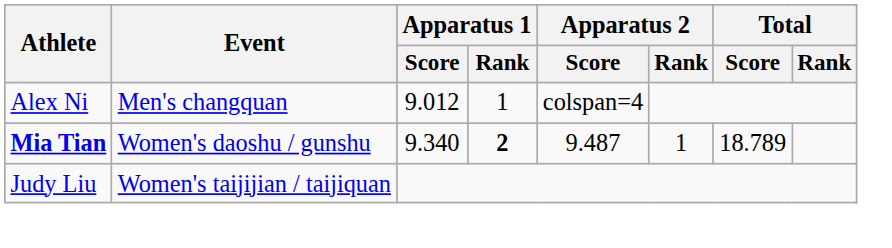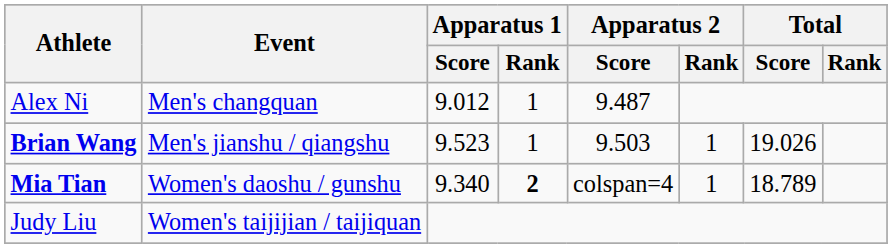 <table class=wikitable style=font-size:90%;text-align:center>
 <tr>
 <th rowspan=2>Athlete</th>
 <th rowspan=2>Event</th>
 <th colspan=2>Apparatus 1</th>
 <th colspan=2>Apparatus 2</th>
 <th colspan=2>Total</th>
 </tr>
 <tr style=font-size:95%>
 <th>Score</th>
 <th>Rank</th>
 <th>Score</th>
 <th>Rank</th>
 <th>Score</th>
 <th>Rank</th>
 </tr>
 <tr>
 <td align=left><a href='#'>Alex Ni</a></td>
 <td align=left><a href='#'>Men's changquan</a></td>
 <td>9.012</td>
 <td>1</td>
-<td>colspan=4 </td>
+<td>9.487</td>
+</tr>
+<tr>
+<td align=left><strong><a href='#'>Brian Wang</a></strong></td>
+<td align=left><a href='#'>Men's jianshu / qiangshu</a></td>
+<td>9.523</td>
+<td>1</td>
+<td>9.503</td>
+<td>1</td>
+<td>19.026</td>
+<td></td>
 </tr>
 <tr>
 <td align=left><strong><a href='#'>Mia Tian</a></strong></td>
 <td align=left><a href='#'>Women's daoshu / gunshu</a></td>
 <td>9.340</td>
 <td><strong>2</strong></td>
-<td>9.487</td>
+<td>colspan=4 </td>
 <td>1</td>
 <td>18.789</td>
 <td></td>
 </tr>
 <tr>
 <td align=left><a href='#'>Judy Liu</a></td>
 <td align=left><a href='#'>Women's taijijian / taijiquan</a></td>
 <td colspan=6></td>
 </tr>
 </table>
